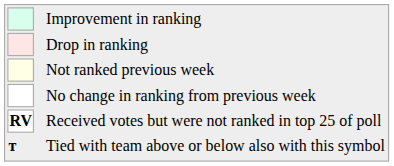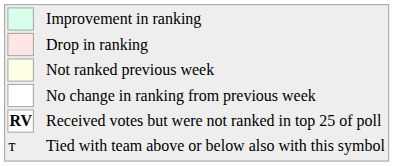 <table style="font-size:90%; border:1px solid #aaa; white-space:nowrap; background:#eee;">
 <tr>
 <td style="background:#d8ffeb; width:20px; border:1px solid #aaa;"> </td>
 <td rowspan=6> </td>
 <td>Improvement in ranking</td>
 </tr>
 <tr>
 <td style="background:#ffe6e6; width:20px; border:1px solid #aaa;"> </td>
 <td>Drop in ranking</td>
 </tr>
 <tr>
 <td style="background:#ffffe6; width:20px; border:1px solid #aaa;"> </td>
 <td>Not ranked previous week</td>
 </tr>
 <tr>
 <td style="background:#fff; width:20px; border:1px solid #aaa;"> </td>
 <td>No change in ranking from previous week</td>
 </tr>
 <tr>
 <td style="text-align:center; width:20px; border:1px solid #aaa; background:white;"><strong>RV</strong></td>
 <td>Received votes but were not ranked in top 25 of poll</td>
 </tr>
 <tr>
-<td><strong>т</strong></td>
+<td>т</td>
 <td>Tied with team above or below also with this symbol</td>
 </tr>
 <tr>
 </tr>
 </table>
